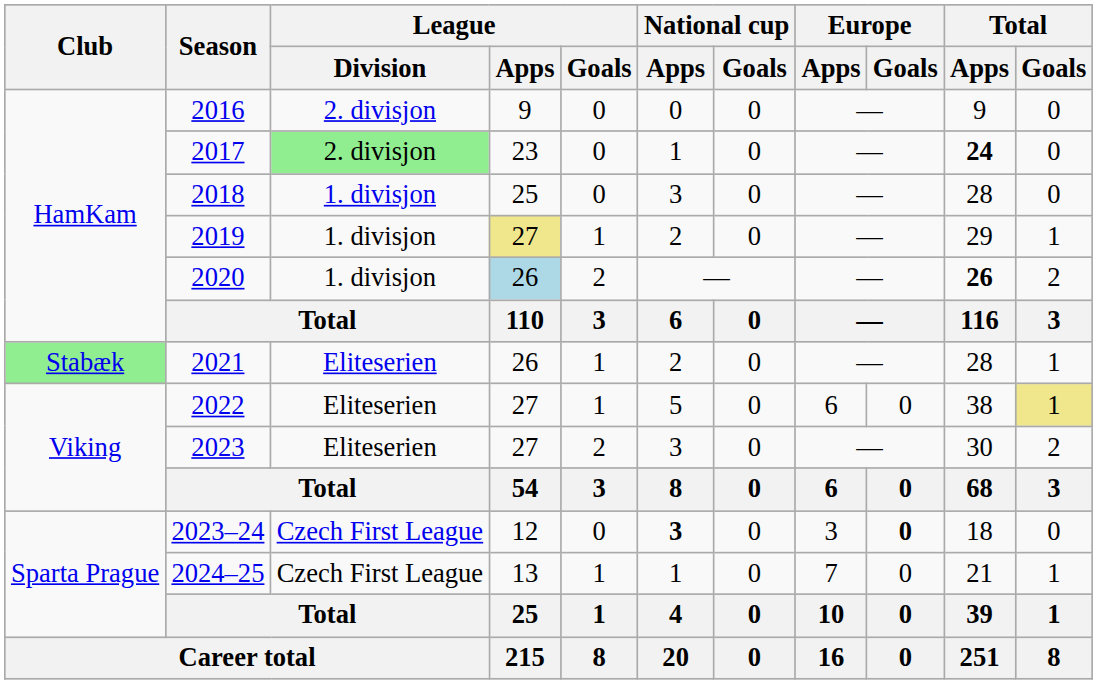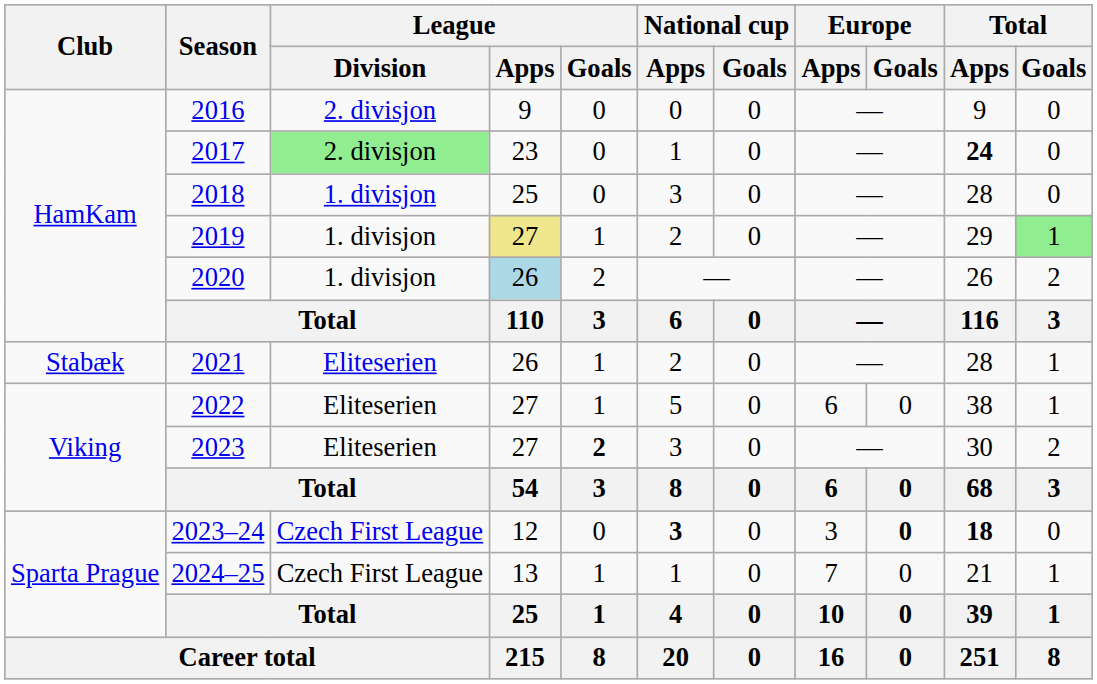 <table class="wikitable" style="text-align: center;">
 <tr>
 <th rowspan="2">Club</th>
 <th rowspan="2">Season</th>
 <th colspan="3">League</th>
 <th colspan="2">National cup</th>
 <th colspan="2">Europe</th>
 <th colspan="2">Total</th>
 </tr>
 <tr>
 <th>Division</th>
 <th>Apps</th>
 <th>Goals</th>
 <th>Apps</th>
 <th>Goals</th>
 <th>Apps</th>
 <th>Goals</th>
 <th>Apps</th>
 <th>Goals</th>
 </tr>
 <tr>
 <td rowspan="6"><a href='#'>HamKam</a></td>
 <td><a href='#'>2016</a></td>
 <td><a href='#'>2. divisjon</a></td>
 <td>9</td>
 <td>0</td>
 <td>0</td>
 <td>0</td>
 <td colspan="2">—</td>
 <td>9</td>
 <td>0</td>
 </tr>
 <tr>
 <td><a href='#'>2017</a></td>
 <td style="background: lightgreen;">2. divisjon</td>
 <td>23</td>
 <td>0</td>
 <td>1</td>
 <td>0</td>
 <td colspan="2">—</td>
 <td><strong>24</strong></td>
 <td>0</td>
 </tr>
 <tr>
 <td><a href='#'>2018</a></td>
 <td><a href='#'>1. divisjon</a></td>
 <td>25</td>
 <td>0</td>
 <td>3</td>
 <td>0</td>
 <td colspan="2">—</td>
 <td>28</td>
 <td>0</td>
 </tr>
 <tr>
 <td><a href='#'>2019</a></td>
 <td>1. divisjon</td>
 <td style="background: khaki;">27</td>
 <td>1</td>
 <td>2</td>
 <td>0</td>
 <td colspan="2">—</td>
 <td>29</td>
-<td>1</td>
+<td style="background: lightgreen;">1</td>
 </tr>
 <tr>
 <td><a href='#'>2020</a></td>
 <td>1. divisjon</td>
 <td style="background: lightblue;">26</td>
 <td>2</td>
 <td colspan="2">—</td>
 <td colspan="2">—</td>
-<td><strong>26</strong></td>
+<td>26</td>
 <td>2</td>
 </tr>
 <tr>
 <th colspan="2">Total</th>
 <th>110</th>
 <th>3</th>
 <th>6</th>
 <th>0</th>
 <th colspan="2">—</th>
 <th>116</th>
 <th>3</th>
 </tr>
 <tr>
-<td style="background: lightgreen;"><a href='#'>Stabæk</a></td>
+<td><a href='#'>Stabæk</a></td>
 <td><a href='#'>2021</a></td>
 <td><a href='#'>Eliteserien</a></td>
 <td>26</td>
 <td>1</td>
 <td>2</td>
 <td>0</td>
 <td colspan="2">—</td>
 <td>28</td>
 <td>1</td>
 </tr>
 <tr>
 <td rowspan="3"><a href='#'>Viking</a></td>
 <td><a href='#'>2022</a></td>
 <td>Eliteserien</td>
 <td>27</td>
 <td>1</td>
 <td>5</td>
 <td>0</td>
 <td>6</td>
 <td>0</td>
 <td>38</td>
-<td style="background: khaki;">1</td>
+<td>1</td>
 </tr>
 <tr>
 <td><a href='#'>2023</a></td>
 <td>Eliteserien</td>
 <td>27</td>
-<td>2</td>
+<td><strong>2</strong></td>
 <td>3</td>
 <td>0</td>
 <td colspan="2">—</td>
 <td>30</td>
 <td>2</td>
 </tr>
 <tr>
 <th colspan="2">Total</th>
 <th>54</th>
 <th>3</th>
 <th>8</th>
 <th>0</th>
 <th>6</th>
 <th>0</th>
 <th>68</th>
 <th>3</th>
 </tr>
 <tr>
 <td rowspan="3"><a href='#'>Sparta Prague</a></td>
 <td><a href='#'>2023–24</a></td>
 <td><a href='#'>Czech First League</a></td>
 <td>12</td>
 <td>0</td>
 <td><strong>3</strong></td>
 <td>0</td>
 <td>3</td>
 <td><strong>0</strong></td>
-<td>18</td>
+<td><strong>18</strong></td>
 <td>0</td>
 </tr>
 <tr>
 <td><a href='#'>2024–25</a></td>
 <td>Czech First League</td>
 <td>13</td>
 <td>1</td>
 <td>1</td>
 <td>0</td>
 <td>7</td>
 <td>0</td>
 <td>21</td>
 <td>1</td>
 </tr>
 <tr>
 <th colspan="2">Total</th>
 <th>25</th>
 <th>1</th>
 <th>4</th>
 <th>0</th>
 <th>10</th>
 <th>0</th>
 <th>39</th>
 <th>1</th>
 </tr>
 <tr>
 <th colspan="3">Career total</th>
 <th>215</th>
 <th>8</th>
 <th>20</th>
 <th>0</th>
 <th>16</th>
 <th>0</th>
 <th>251</th>
 <th>8</th>
 </tr>
 </table>
